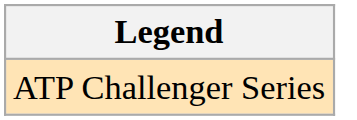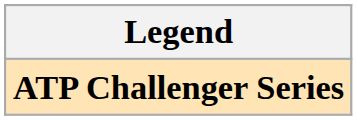 <table class="wikitable">
 <tr>
 <th>Legend</th>
 </tr>
 <tr bgcolor="moccasin">
-<td>ATP Challenger Series</td>
+<td><strong>ATP Challenger Series</strong></td>
 </tr>
 </table>
